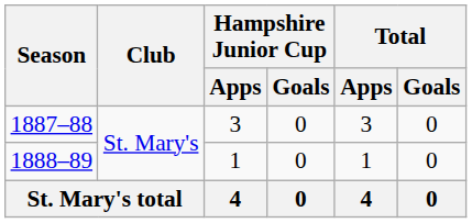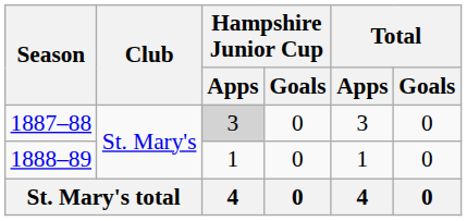 <table class="wikitable" style="text-align:center">
 <tr>
 <th rowspan="2">Season</th>
 <th rowspan="2">Club</th>
 <th colspan="2">Hampshire<br>Junior Cup</th>
 <th colspan="2">Total</th>
 </tr>
 <tr>
 <th>Apps</th>
 <th>Goals</th>
 <th>Apps</th>
 <th>Goals</th>
 </tr>
 <tr>
 <td><a href='#'>1887–88</a></td>
 <td rowspan="2"><a href='#'>St. Mary's</a></td>
-<td>3</td>
+<td style="background: lightgrey;">3</td>
 <td>0</td>
 <td>3</td>
 <td>0</td>
 </tr>
 <tr>
 <td><a href='#'>1888–89</a></td>
 <td>1</td>
 <td>0</td>
 <td>1</td>
 <td>0</td>
 </tr>
 <tr>
 <th colspan="2">St. Mary's total</th>
 <th>4</th>
 <th>0</th>
 <th>4</th>
 <th>0</th>
 </tr>
 </table>
